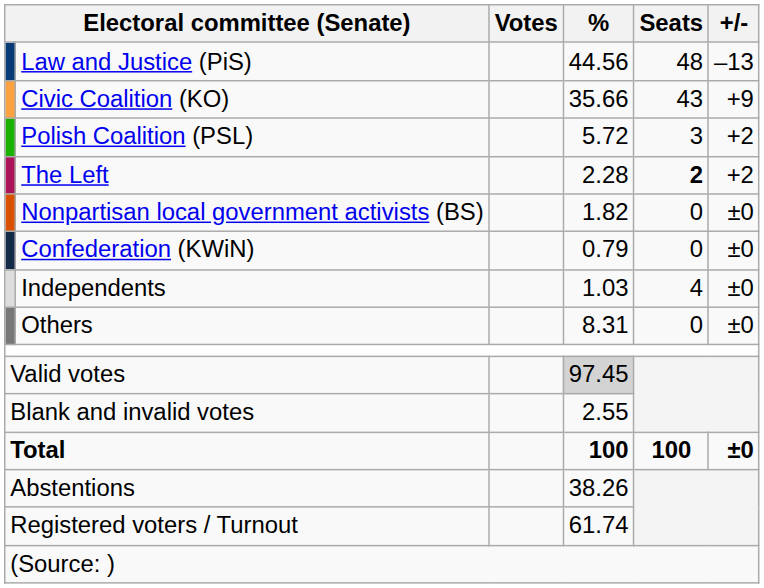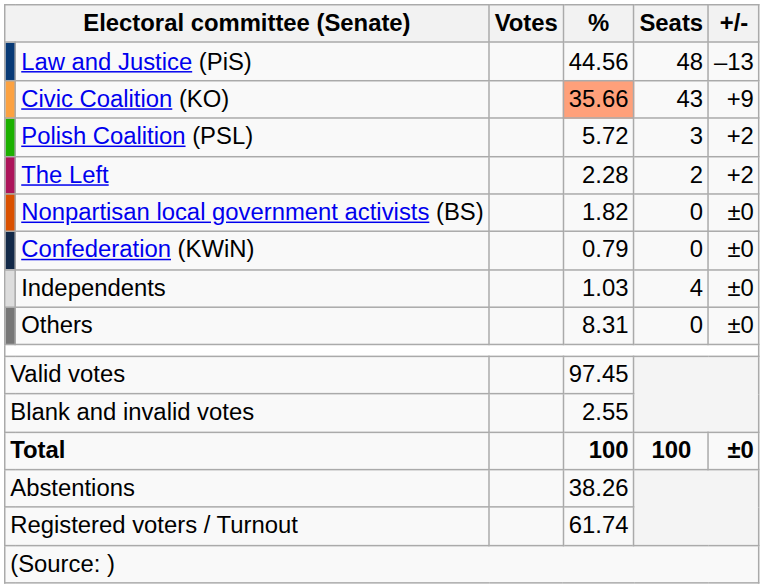 <table class="wikitable centre" style="text-align:right">
 <tr>
 <th scope="col" colspan=2>Electoral committee (Senate)</th>
 <th scope="col">Votes</th>
 <th scope="col">%</th>
 <th scope="col">Seats</th>
 <th scope="col">+/-</th>
 </tr>
 <tr>
 <td bgcolor="#073a76"></td>
 <td align=left><a href='#'>Law and Justice</a> (PiS)</td>
 <td></td>
 <td>44.56</td>
 <td>48</td>
 <td>–13</td>
 </tr>
 <tr>
 <td bgcolor="#fca241"></td>
 <td align=left><a href='#'>Civic Coalition</a> (KO)</td>
 <td></td>
-<td>35.66</td>
+<td style="background: lightsalmon;">35.66</td>
 <td>43</td>
 <td>+9</td>
 </tr>
 <tr>
 <td bgcolor="#1bb100"></td>
 <td align=left><a href='#'>Polish Coalition</a> (PSL)</td>
 <td></td>
 <td>5.72</td>
 <td>3</td>
 <td>+2</td>
 </tr>
 <tr>
 <td bgcolor="#ac145a"></td>
 <td align=left><a href='#'>The Left</a></td>
 <td></td>
 <td>2.28</td>
-<td><strong>2</strong></td>
+<td>2</td>
 <td>+2</td>
 </tr>
 <tr>
 <td bgcolor="#da5100"></td>
 <td align=left><a href='#'>Nonpartisan local government activists</a> (BS)</td>
 <td></td>
 <td>1.82</td>
 <td>0</td>
 <td>±0</td>
 </tr>
 <tr>
 <td bgcolor=#122948></td>
 <td align=left><a href='#'>Confederation</a> (KWiN)</td>
 <td></td>
 <td>0.79</td>
 <td>0</td>
 <td>±0</td>
 </tr>
 <tr>
 <td bgcolor="#dddddd"></td>
 <td align=left>Independents</td>
 <td></td>
 <td>1.03</td>
 <td>4</td>
 <td>±0</td>
 </tr>
 <tr>
 <td bgcolor="#777777"></td>
 <td align=left>Others</td>
 <td></td>
 <td>8.31</td>
 <td>0</td>
 <td>±0</td>
 </tr>
 <tr bgcolor="#ffffff">
 <td colspan="7"></td>
 </tr>
 <tr>
 <td align=left colspan=2>Valid votes</td>
 <td></td>
-<td style="background: lightgrey;">97.45</td>
+<td>97.45</td>
 <td rowspan=2 colspan=3 style="background-color:#F4F4F4;"></td>
 </tr>
 <tr>
 <td align=left colspan=2>Blank and invalid votes</td>
 <td></td>
 <td>2.55</td>
 </tr>
 <tr>
 <td align=left colspan=2><strong>Total</strong></td>
 <td><strong></strong></td>
 <td><strong>100</strong></td>
 <td align=center><strong>100</strong></td>
 <td><strong>±0</strong></td>
 </tr>
 <tr>
 <td align=left colspan=2>Abstentions</td>
 <td></td>
 <td>38.26</td>
 <td rowspan=2 colspan=3 style="background-color:#F4F4F4;"></td>
 </tr>
 <tr>
 <td align=left colspan=2>Registered voters / Turnout</td>
 <td></td>
 <td>61.74</td>
 </tr>
 <tr>
 <td align=left colspan=6>(Source: )</td>
 </tr>
 </table>
